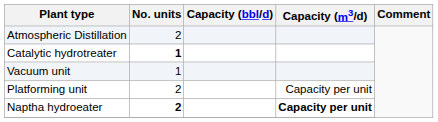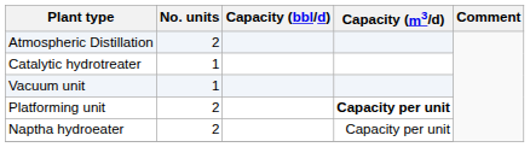 <table class="wikitable">
 <tr>
 <th>Plant type</th>
 <th>No. units</th>
 <th>Capacity (<a href='#'>bbl</a>/<a href='#'>d</a>)</th>
 <th>Capacity (<a href='#'>m<sup>3</sup></a>/d)</th>
 <th>Comment</th>
 </tr>
 <tr style="background:#f1f5fa; text-align:right;">
 <td style="text-align:left;">Atmospheric Distillation</td>
 <td>2</td>
 <td></td>
 <td></td>
 </tr>
 <tr style="background:#fff; text-align:right;">
 <td style="text-align:left;">Catalytic hydrotreater</td>
-<td><strong>1</strong></td>
+<td>1</td>
 <td></td>
 <td></td>
 </tr>
 <tr style="background:#f1f5fa; text-align:right;">
 <td style="text-align:left;">Vacuum unit</td>
 <td>1</td>
 <td></td>
 <td></td>
 </tr>
 <tr style="background:#fff; text-align:right;">
 <td style="text-align:left;">Platforming unit</td>
 <td>2</td>
 <td></td>
-<td>Capacity per unit</td>
+<td><strong>Capacity per unit</strong></td>
 </tr>
 <tr style="background:#fff; text-align:right;">
 <td style="text-align:left;">Naptha hydroeater</td>
-<td><strong>2</strong></td>
+<td>2</td>
 <td></td>
-<td><strong>Capacity per unit</strong></td>
+<td>Capacity per unit</td>
 </tr>
 <tr>
 </tr>
 </table>
